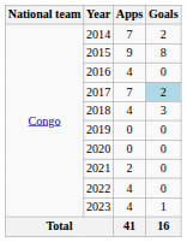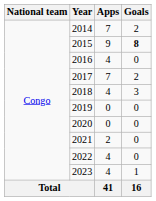 <table class="wikitable" style="text-align:center">
 <tr>
 <th>National team</th>
 <th>Year</th>
 <th>Apps</th>
 <th>Goals</th>
 </tr>
 <tr>
 <td rowspan="10"><a href='#'>Congo</a></td>
 <td>2014</td>
 <td>7</td>
 <td>2</td>
 </tr>
 <tr>
 <td>2015</td>
 <td>9</td>
-<td>8</td>
+<td><strong>8</strong></td>
 </tr>
 <tr>
 <td>2016</td>
 <td>4</td>
 <td>0</td>
 </tr>
 <tr>
 <td>2017</td>
 <td>7</td>
-<td style="background: lightblue;">2</td>
+<td>2</td>
 </tr>
 <tr>
 <td>2018</td>
 <td>4</td>
 <td>3</td>
 </tr>
 <tr>
 <td>2019</td>
 <td>0</td>
 <td>0</td>
 </tr>
 <tr>
 <td>2020</td>
 <td>0</td>
 <td>0</td>
 </tr>
 <tr>
 <td>2021</td>
 <td>2</td>
 <td>0</td>
 </tr>
 <tr>
 <td>2022</td>
 <td>4</td>
 <td>0</td>
 </tr>
 <tr>
 <td>2023</td>
 <td>4</td>
 <td>1</td>
 </tr>
 <tr>
 <th colspan="2">Total</th>
 <th>41</th>
 <th>16</th>
 </tr>
 </table>
